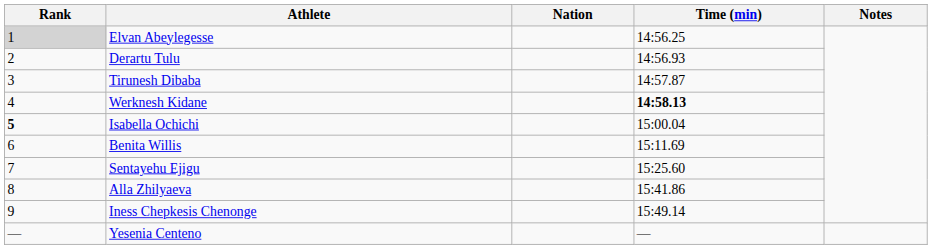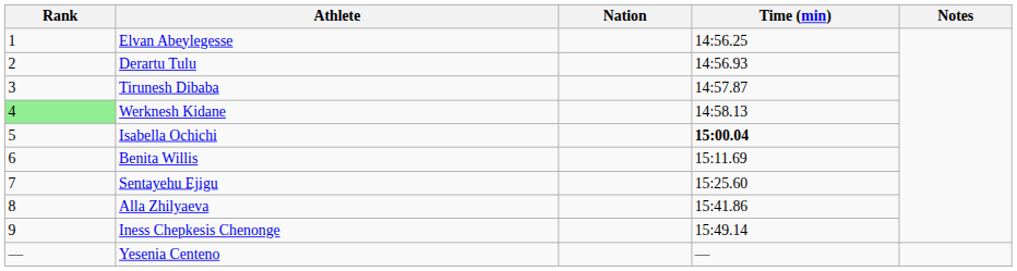 <table class="wikitable" style="text=align:center;" width=85%>
 <tr>
 <th>Rank</th>
 <th>Athlete</th>
 <th>Nation</th>
 <th>Time (<a href='#'>min</a>)</th>
 <th>Notes</th>
 </tr>
 <tr>
-<td style="background: lightgrey;">1</td>
+<td>1</td>
 <td><a href='#'>Elvan Abeylegesse</a></td>
 <td></td>
 <td>14:56.25</td>
 </tr>
 <tr>
 <td>2</td>
 <td><a href='#'>Derartu Tulu</a></td>
 <td></td>
 <td>14:56.93</td>
 </tr>
 <tr>
 <td>3</td>
 <td><a href='#'>Tirunesh Dibaba</a></td>
 <td></td>
 <td>14:57.87</td>
 </tr>
 <tr>
-<td>4</td>
+<td style="background: lightgreen;">4</td>
 <td><a href='#'>Werknesh Kidane</a></td>
 <td></td>
-<td><strong>14:58.13</strong></td>
+<td>14:58.13</td>
 </tr>
 <tr>
-<td><strong>5</strong></td>
+<td>5</td>
 <td><a href='#'>Isabella Ochichi</a></td>
 <td></td>
-<td>15:00.04</td>
+<td><strong>15:00.04</strong></td>
 </tr>
 <tr>
 <td>6</td>
 <td><a href='#'>Benita Willis</a></td>
 <td></td>
 <td>15:11.69</td>
 </tr>
 <tr>
 <td>7</td>
 <td><a href='#'>Sentayehu Ejigu</a></td>
 <td></td>
 <td>15:25.60</td>
 </tr>
 <tr>
 <td>8</td>
 <td><a href='#'>Alla Zhilyaeva</a></td>
 <td></td>
 <td>15:41.86</td>
 </tr>
 <tr>
 <td>9</td>
 <td><a href='#'>Iness Chepkesis Chenonge</a></td>
 <td></td>
 <td>15:49.14</td>
 </tr>
 <tr>
 <td>—</td>
 <td><a href='#'>Yesenia Centeno</a></td>
 <td></td>
 <td>—</td>
 <td></td>
 </tr>
 </table>
